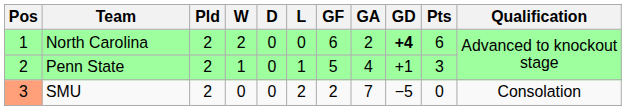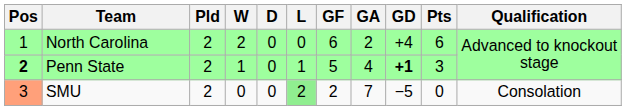 <table class="wikitable" style="text-align:center; margin: 1em auto">
 <tr>
 <th style="width:2em">Pos</th>
 <th style="width:13em">Team</th>
 <th style="width:2em">Pld</th>
 <th style="width:2em">W</th>
 <th style="width:2em">D</th>
 <th style="width:2em">L</th>
 <th style="width:2em">GF</th>
 <th style="width:2em">GA</th>
 <th style="width:2em">GD</th>
 <th style="width:2em">Pts</th>
 <th style="width:13em">Qualification</th>
 </tr>
 <tr bgcolor="#9eff9e">
 <td>1</td>
 <td style="text-align:left">North Carolina</td>
 <td>2</td>
 <td>2</td>
 <td>0</td>
 <td>0</td>
 <td>6</td>
 <td>2</td>
-<td><strong>+4</strong></td>
+<td>+4</td>
 <td>6</td>
 <td rowspan="2">Advanced to knockout stage</td>
 </tr>
 <tr bgcolor="#9eff9e">
-<td>2</td>
+<td><strong>2</strong></td>
 <td style="text-align:left">Penn State</td>
 <td>2</td>
 <td>1</td>
 <td>0</td>
 <td>1</td>
 <td>5</td>
 <td>4</td>
-<td>+1</td>
+<td><strong>+1</strong></td>
 <td>3</td>
 </tr>
 <tr>
 <td style="background: lightsalmon;">3</td>
 <td style="text-align:left">SMU</td>
 <td>2</td>
 <td>0</td>
 <td>0</td>
-<td>2</td>
+<td style="background: lightgreen;">2</td>
 <td>2</td>
 <td>7</td>
 <td>−5</td>
 <td>0</td>
 <td>Consolation</td>
 </tr>
 </table>
